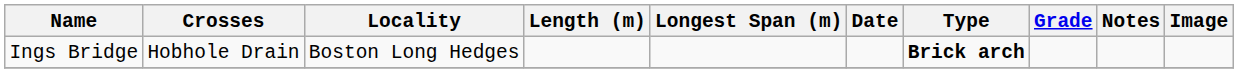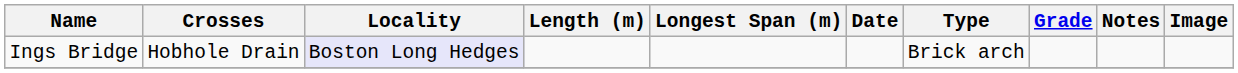 <table class="wikitable sortable">
 <tr>
 <th>Name</th>
 <th>Crosses</th>
 <th>Locality</th>
 <th>Length (m)</th>
 <th>Longest Span (m)</th>
 <th>Date</th>
 <th>Type</th>
 <th><a href='#'>Grade</a></th>
 <th class="unsortable">Notes</th>
 <th class="unsortable">Image</th>
 </tr>
 <tr>
 <td>Ings Bridge</td>
 <td>Hobhole Drain</td>
-<td>Boston Long Hedges</td>
+<td style="background: lavender;">Boston Long Hedges</td>
 <td></td>
 <td></td>
 <td></td>
-<td><strong>Brick arch</strong></td>
+<td>Brick arch</td>
 <td></td>
 <td></td>
 <td></td>
 </tr>
 <tr>
 </tr>
 </table>
